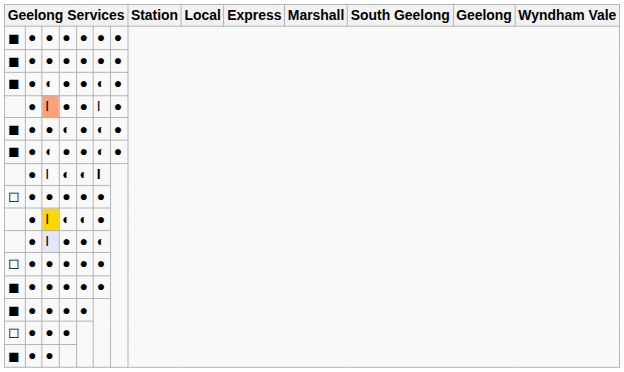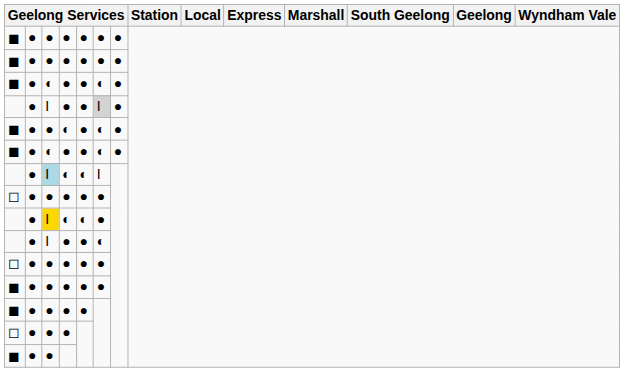 <table class="wikitable defaultcenter col1left">
 <tr>
 <th colspan="7" style="background:#"><span>Geelong Services</span></th>
 <th>Station</th>
 <th>Local</th>
 <th>Express</th>
 <th>Marshall</th>
 <th>South Geelong</th>
 <th>Geelong</th>
 <th>Wyndham Vale</th>
 </tr>
 <tr>
 <td>◼ </td>
 <td>●</td>
 <td>●</td>
 <td>●</td>
 <td>●</td>
 <td>●</td>
 <td>●</td>
 </tr>
 <tr>
 <td>◼ </td>
 <td>●</td>
 <td>●</td>
 <td>●</td>
 <td>●</td>
 <td>●</td>
 <td>●</td>
 </tr>
 <tr>
 <td>◼ </td>
 <td>●</td>
 <td>◐</td>
 <td>●</td>
 <td>●</td>
 <td>◐</td>
 <td>●</td>
 </tr>
 <tr>
 <td> </td>
 <td>●</td>
-<td style="background: lightsalmon;">I</td>
+<td>I</td>
 <td>●</td>
 <td>●</td>
-<td>I</td>
+<td style="background: lightgrey;">I</td>
 <td>●</td>
 </tr>
 <tr>
 <td>◼ </td>
 <td>●</td>
 <td>●</td>
 <td>◐</td>
 <td>●</td>
 <td>◐</td>
 <td>●</td>
 </tr>
 <tr>
 <td>◼ </td>
 <td>●</td>
 <td>◐</td>
 <td>●</td>
 <td>●</td>
 <td>◐</td>
 <td>●</td>
 </tr>
 <tr>
 <td></td>
 <td>●</td>
-<td>I</td>
+<td style="background: lightblue;">I</td>
 <td>◐</td>
 <td>◐</td>
-<td><strong>I</strong></td>
+<td>I</td>
 <td rowspan="9"></td>
 </tr>
 <tr>
 <td>◻ </td>
 <td>●</td>
 <td>●</td>
 <td>●</td>
 <td>●</td>
 <td>●</td>
 </tr>
 <tr>
 <td> </td>
 <td>●</td>
 <td style="background: gold;">I</td>
 <td>◐</td>
 <td>◐</td>
 <td>●</td>
 </tr>
 <tr>
 <td> </td>
 <td>●</td>
-<td style="background: lavender;">I</td>
+<td>I</td>
 <td>●</td>
 <td>●</td>
 <td>◐</td>
 </tr>
 <tr>
 <td>◻ </td>
 <td>●</td>
 <td>●</td>
 <td>●</td>
 <td>●</td>
 <td>●</td>
 </tr>
 <tr>
 <td>◼ </td>
 <td>●</td>
 <td>●</td>
 <td>●</td>
 <td>●</td>
 <td>●</td>
 </tr>
 <tr>
 <td>◼ </td>
 <td>●</td>
 <td>●</td>
 <td>●</td>
 <td>●</td>
 <td rowspan="3"></td>
 </tr>
 <tr>
 <td>◻ </td>
 <td>●</td>
 <td>●</td>
 <td>●</td>
 <td rowspan="2"></td>
 </tr>
 <tr>
 <td>◼ </td>
 <td>●</td>
 <td>●</td>
 <td></td>
 </tr>
 </table>
